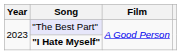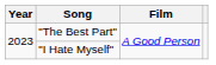 <table class="wikitable">
 <tr>
 <th>Year</th>
 <th>Song</th>
 <th>Film</th>
 <th></th>
 </tr>
 <tr>
 <td rowspan="2">2023</td>
-<td style="background: lavender;">"The Best Part"</td>
+<td>"The Best Part"</td>
 <td rowspan="2"><em><a href='#'>A Good Person</a></em></td>
 <td rowspan="2"></td>
 </tr>
 <tr>
-<td><strong>"I Hate Myself"</strong></td>
+<td>"I Hate Myself"</td>
 </tr>
 </table>
